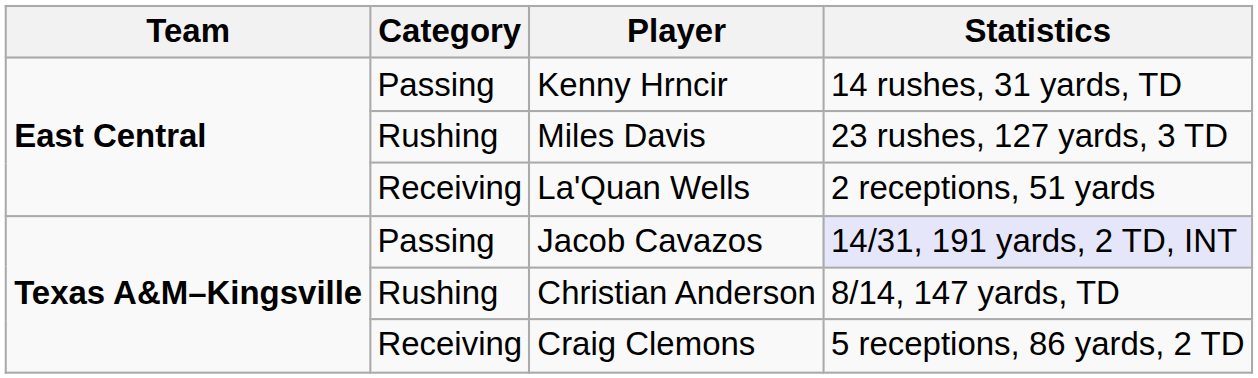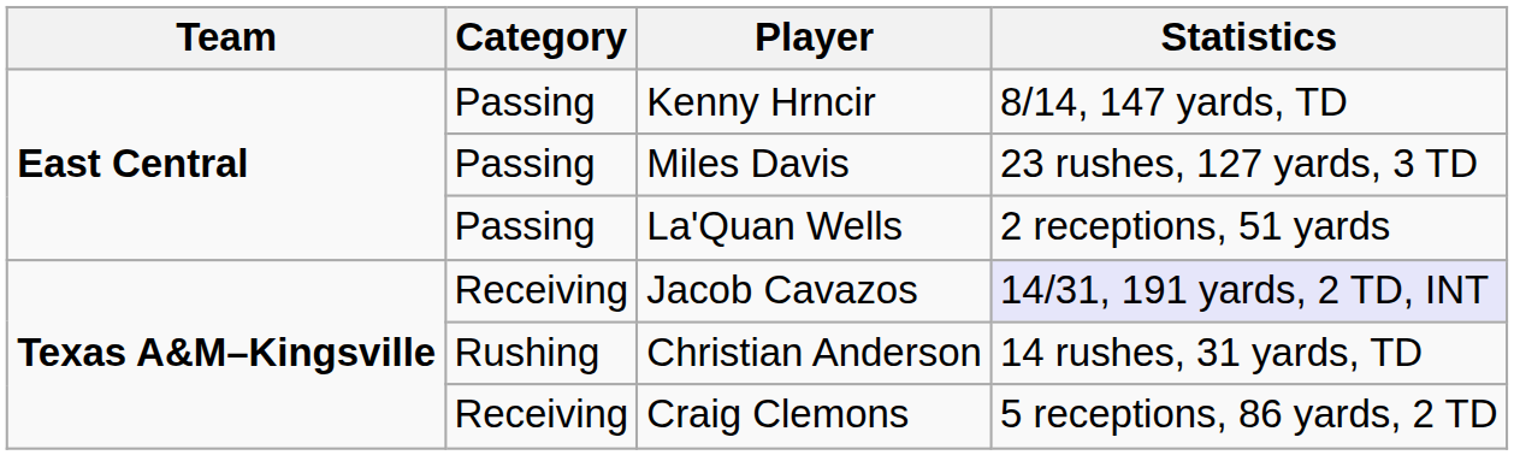 <table class="wikitable" style="float: right;">
 <tr>
 <th>Team</th>
 <th>Category</th>
 <th>Player</th>
 <th>Statistics</th>
 </tr>
 <tr>
 <td rowspan=3><strong>East Central</strong></td>
 <td>Passing</td>
 <td>Kenny Hrncir</td>
-<td>14 rushes, 31 yards, TD</td>
+<td>8/14, 147 yards, TD</td>
 </tr>
 <tr>
-<td>Rushing</td>
+<td>Passing</td>
 <td>Miles Davis</td>
 <td>23 rushes, 127 yards, 3 TD</td>
 </tr>
 <tr>
-<td>Receiving</td>
+<td>Passing</td>
 <td>La'Quan Wells</td>
 <td>2 receptions, 51 yards</td>
 </tr>
 <tr>
 <td rowspan=3><strong>Texas A&M–Kingsville</strong></td>
-<td>Passing</td>
+<td>Receiving</td>
 <td>Jacob Cavazos</td>
 <td style="background: lavender;">14/31, 191 yards, 2 TD, INT</td>
 </tr>
 <tr>
 <td>Rushing</td>
 <td>Christian Anderson</td>
-<td>8/14, 147 yards, TD</td>
+<td>14 rushes, 31 yards, TD</td>
 </tr>
 <tr>
 <td>Receiving</td>
 <td>Craig Clemons</td>
 <td>5 receptions, 86 yards, 2 TD</td>
 </tr>
 </table>
